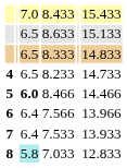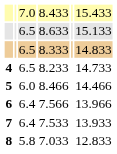 <table>
 <tr style="background:#fffcaf;">
 <th scope=row style="text-align:center"></th>
 <td align=left></td>
 <td>7.0</td>
 <td>8.433</td>
 <td></td>
 <td>15.433</td>
 </tr>
 <tr style="background:#e5e5e5;">
 <th scope=row style="text-align:center"></th>
 <td align=left></td>
 <td>6.5</td>
 <td>8.633</td>
 <td></td>
 <td>15.133</td>
 </tr>
 <tr style="background:#ec9;">
 <th scope=row style="text-align:center"></th>
 <td align=left></td>
 <td>6.5</td>
 <td>8.333</td>
 <td></td>
 <td>14.833</td>
 </tr>
 <tr>
 <th scope=row style="text-align:center">4</th>
 <td align=left></td>
 <td>6.5</td>
 <td>8.233</td>
 <td></td>
 <td>14.733</td>
 </tr>
 <tr>
 <th scope=row style="text-align:center">5</th>
 <td align=left></td>
-<td><strong>6.0</strong></td>
+<td>6.0</td>
 <td>8.466</td>
 <td></td>
 <td>14.466</td>
 </tr>
 <tr>
 <th scope=row style="text-align:center">6</th>
 <td align=left></td>
 <td>6.4</td>
 <td>7.566</td>
 <td></td>
 <td>13.966</td>
 </tr>
 <tr>
 <th scope=row style="text-align:center">7</th>
 <td align=left></td>
 <td>6.4</td>
 <td>7.533</td>
 <td></td>
 <td>13.933</td>
 </tr>
 <tr>
 <th scope=row style="text-align:center">8</th>
 <td align=left></td>
-<td style="background: paleturquoise;">5.8</td>
+<td>5.8</td>
 <td>7.033</td>
 <td></td>
 <td>12.833</td>
 </tr>
 </table>
